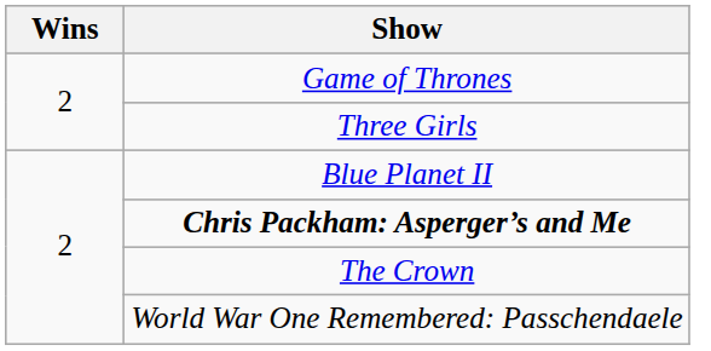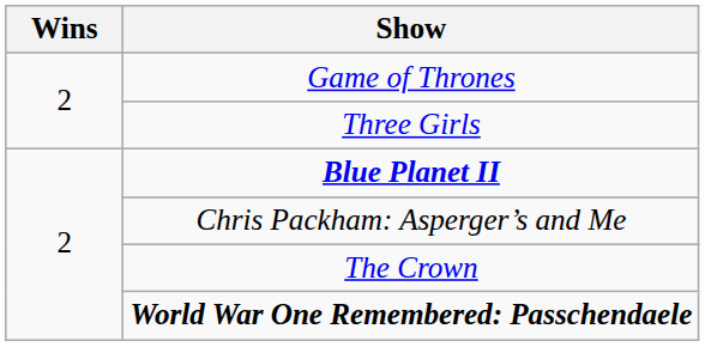 <table class="wikitable floatleft" style="text-align:center;">
 <tr>
 <th scope="col" style="width:55px;">Wins</th>
 <th scope="col" style="text-align:center;">Show</th>
 </tr>
 <tr>
 <td scope=row rowspan=2 style="text-align:center">2</td>
 <td><em><a href='#'>Game of Thrones</a></em></td>
 </tr>
 <tr>
 <td><em><a href='#'>Three Girls</a></em></td>
 </tr>
 <tr>
 <td scope=row rowspan=4 style="text-align:center">2</td>
-<td><em><a href='#'>Blue Planet II</a></em></td>
+<td><strong><em><a href='#'>Blue Planet II</a></em></strong></td>
 </tr>
 <tr>
-<td><strong><em>Chris Packham: Asperger’s and Me</em></strong></td>
+<td><em>Chris Packham: Asperger’s and Me</em></td>
 </tr>
 <tr>
 <td><em><a href='#'>The Crown</a></em></td>
 </tr>
 <tr>
-<td><em>World War One Remembered: Passchendaele</em></td>
+<td><strong><em>World War One Remembered: Passchendaele</em></strong></td>
 </tr>
 </table>
